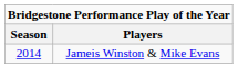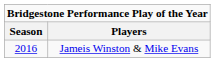 <table class="wikitable" style="text-align:center">
 <tr>
 <td colspan="2"><strong>Bridgestone Performance Play of the Year</strong></td>
 </tr>
 <tr>
 <th>Season</th>
 <th>Players</th>
 </tr>
 <tr>
-<td><a href='#'>2014</a></td>
+<td><a href='#'>2016</a></td>
 <td><a href='#'>Jameis Winston</a> & <a href='#'>Mike Evans</a></td>
 </tr>
 </table>
